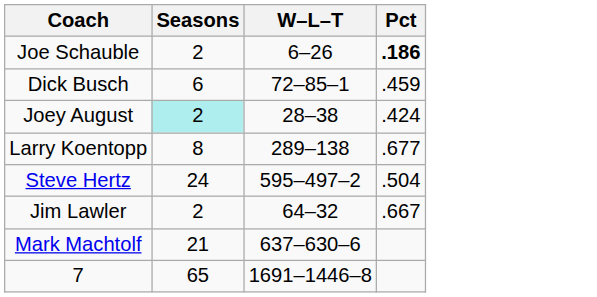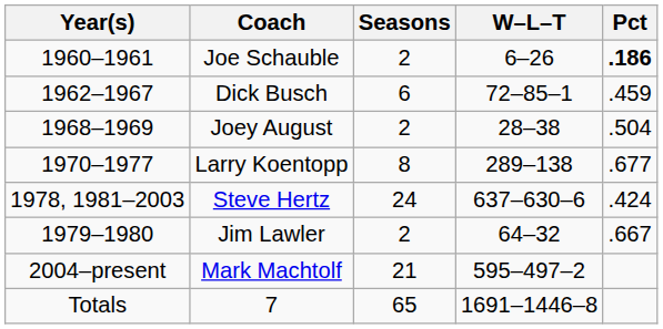 <table class="wikitable" style="text-align:center">
 <tr>
+<th>Year(s)</th>
 <th>Coach</th>
 <th>Seasons</th>
 <th>W–L–T</th>
 <th>Pct</th>
 </tr>
 <tr>
+<td>1960–1961</td>
 <td>Joe Schauble</td>
 <td>2</td>
 <td>6–26</td>
 <td><strong>.186</strong></td>
 </tr>
 <tr>
+<td>1962–1967</td>
 <td>Dick Busch </td>
 <td>6</td>
 <td>72–85–1</td>
 <td>.459</td>
 </tr>
 <tr>
+<td>1968–1969</td>
 <td>Joey August</td>
-<td style="background: paleturquoise;">2</td>
+<td>2</td>
 <td>28–38</td>
-<td>.424</td>
+<td>.504</td>
 </tr>
 <tr>
+<td>1970–1977</td>
 <td>Larry Koentopp</td>
 <td>8</td>
 <td>289–138</td>
 <td>.677</td>
 </tr>
 <tr>
+<td>1978, 1981–2003</td>
 <td><a href='#'>Steve Hertz</a></td>
 <td>24</td>
-<td>595–497–2</td>
-<td>.504</td>
+<td>637–630–6</td>
+<td>.424</td>
 </tr>
 <tr>
+<td>1979–1980</td>
 <td>Jim Lawler</td>
 <td>2</td>
 <td>64–32</td>
 <td>.667</td>
 </tr>
 <tr>
+<td>2004–present</td>
 <td><a href='#'>Mark Machtolf</a></td>
 <td>21</td>
-<td>637–630–6</td>
+<td>595–497–2</td>
 <td></td>
 </tr>
 <tr>
+<td>Totals</td>
 <td>7</td>
 <td>65</td>
 <td>1691–1446–8</td>
 <td></td>
 </tr>
 </table>
